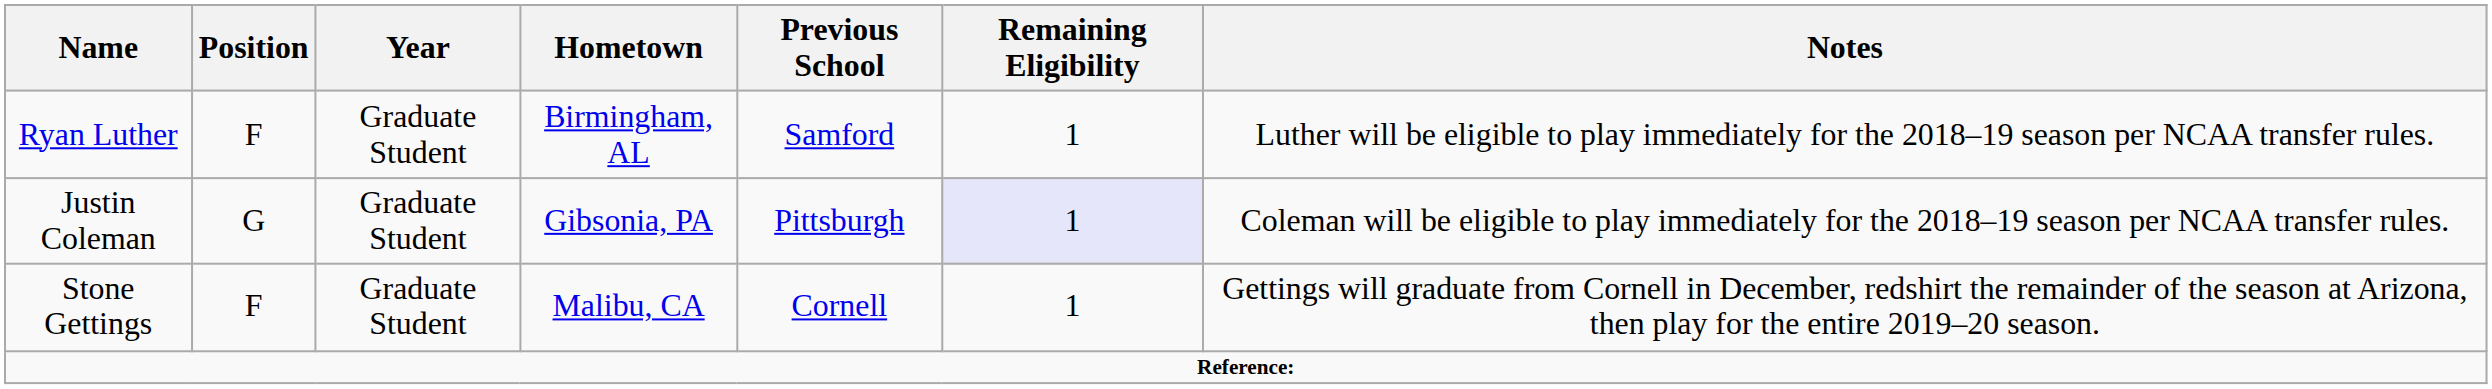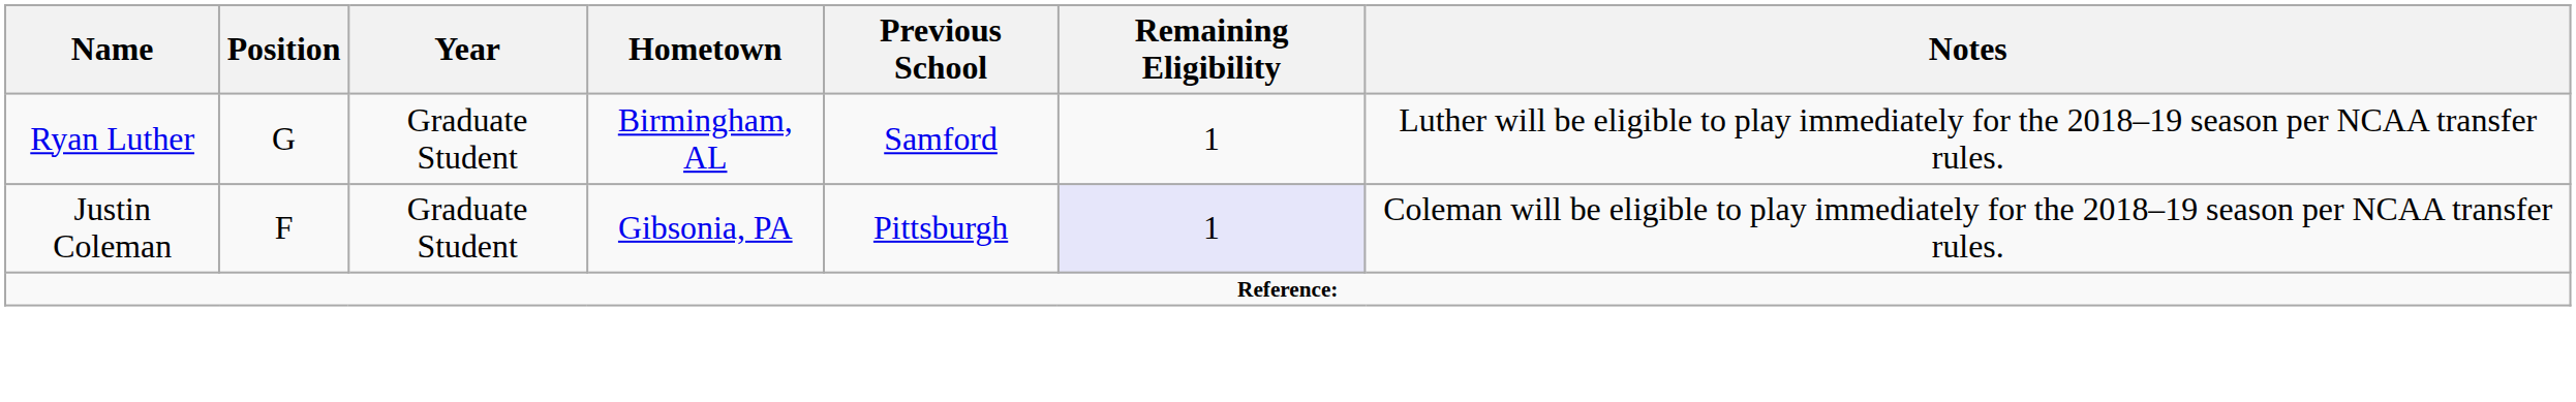 <table class="wikitable" style="text-align: center">
 <tr align=center>
 <th>Name</th>
 <th>Position</th>
 <th>Year</th>
 <th>Hometown</th>
 <th>Previous School</th>
 <th>Remaining Eligibility</th>
 <th>Notes</th>
 </tr>
 <tr>
 <td><a href='#'>Ryan Luther</a></td>
-<td>F</td>
+<td>G</td>
 <td>Graduate Student</td>
 <td><a href='#'>Birmingham, AL</a></td>
 <td><a href='#'>Samford</a></td>
 <td>1</td>
 <td>Luther will be eligible to play immediately for the 2018–19 season per NCAA transfer rules.</td>
 </tr>
 <tr>
 <td>Justin Coleman</td>
-<td>G</td>
+<td>F</td>
 <td>Graduate Student</td>
 <td><a href='#'>Gibsonia, PA</a></td>
 <td><a href='#'>Pittsburgh</a></td>
 <td style="background: lavender;">1</td>
 <td>Coleman will be eligible to play immediately for the 2018–19 season per NCAA transfer rules.</td>
 </tr>
 <tr>
-<td>Stone Gettings</td>
-<td>F</td>
-<td>Graduate Student</td>
-<td><a href='#'>Malibu, CA</a></td>
-<td><a href='#'>Cornell</a></td>
-<td>1</td>
-<td>Gettings will graduate from Cornell in December, redshirt the remainder of the season at Arizona, then play for the entire 2019–20 season.</td>
-</tr>
-<tr>
 <td colspan="7" style="font-size:8pt; text-align:center;"><strong>Reference:</strong></td>
 </tr>
 </table>
